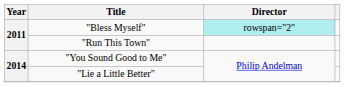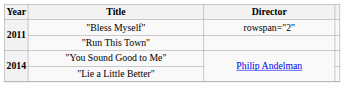 <table class="wikitable plainrowheaders" style="text-align:center;">
 <tr>
 <th scope="col">Year</th>
 <th scope="col" style="width:17.5em;">Title</th>
 <th scope="col" style="width:13em;">Director</th>
 <th scope="col"></th>
 </tr>
 <tr>
 <th scope="row" rowspan="2">2011</th>
 <td>"Bless Myself"</td>
-<td style="background: paleturquoise;">rowspan="2" </td>
+<td>rowspan="2" </td>
 <td></td>
 </tr>
 <tr>
 <td>"Run This Town"</td>
 <td></td>
 </tr>
 <tr>
 <th scope="row" rowspan="2">2014</th>
 <td>"You Sound Good to Me"</td>
 <td rowspan="2"><a href='#'>Philip Andelman</a></td>
 <td></td>
 </tr>
 <tr>
 <td>"Lie a Little Better"</td>
 <td></td>
 </tr>
 <tr>
 </tr>
 </table>
